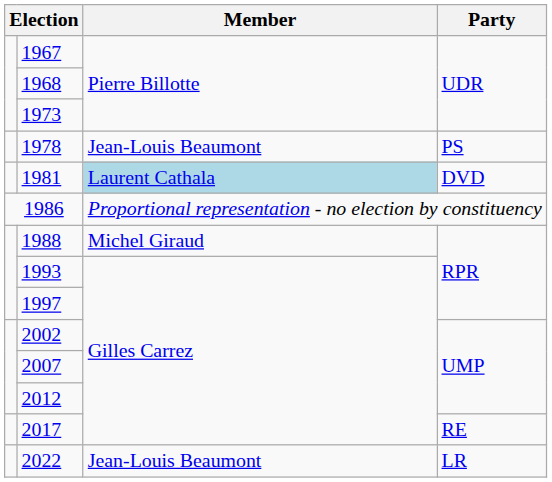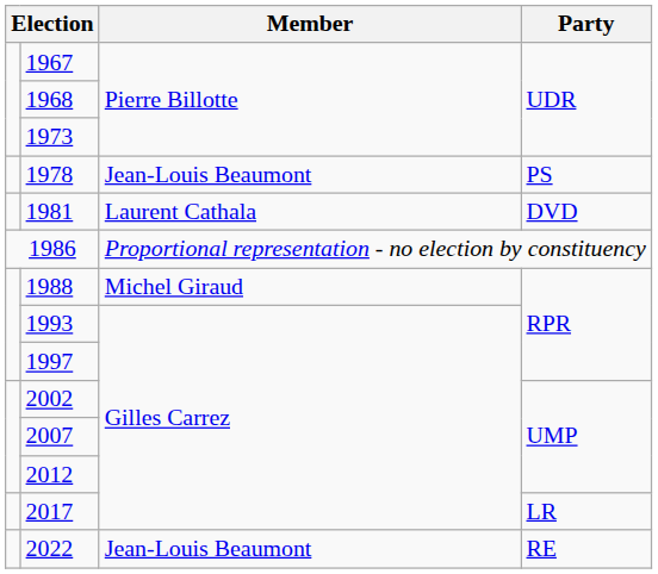 <table class="wikitable">
 <tr>
 <th colspan="2">Election</th>
 <th>Member</th>
 <th>Party</th>
 </tr>
 <tr>
 <td rowspan="3" style="background-color: "></td>
 <td><a href='#'>1967</a></td>
 <td rowspan="3"><a href='#'>Pierre Billotte</a></td>
 <td rowspan="3"><a href='#'>UDR</a></td>
 </tr>
 <tr>
 <td><a href='#'>1968</a></td>
 </tr>
 <tr>
 <td><a href='#'>1973</a></td>
 </tr>
 <tr>
 <td style="background-color: "></td>
 <td><a href='#'>1978</a></td>
 <td><a href='#'>Jean-Louis Beaumont</a></td>
 <td><a href='#'>PS</a></td>
 </tr>
 <tr>
 <td style="background-color: "></td>
 <td><a href='#'>1981</a></td>
-<td style="background: lightblue;"><a href='#'>Laurent Cathala</a></td>
+<td><a href='#'>Laurent Cathala</a></td>
 <td><a href='#'>DVD</a></td>
 </tr>
 <tr>
 <td colspan="2" align="center"><a href='#'>1986</a></td>
 <td colspan="2"><em><a href='#'>Proportional representation</a> - no election by constituency</em></td>
 </tr>
 <tr>
 <td rowspan="3" style="background-color: "></td>
 <td><a href='#'>1988</a></td>
 <td><a href='#'>Michel Giraud</a></td>
 <td rowspan="3"><a href='#'>RPR</a></td>
 </tr>
 <tr>
 <td><a href='#'>1993</a></td>
 <td rowspan="6"><a href='#'>Gilles Carrez</a></td>
 </tr>
 <tr>
 <td><a href='#'>1997</a></td>
 </tr>
 <tr>
 <td rowspan="3" style="background-color: "></td>
 <td><a href='#'>2002</a></td>
 <td rowspan="3"><a href='#'>UMP</a></td>
 </tr>
 <tr>
 <td><a href='#'>2007</a></td>
 </tr>
 <tr>
 <td><a href='#'>2012</a></td>
 </tr>
 <tr>
 <td style="background-color: "></td>
 <td><a href='#'>2017</a></td>
-<td><a href='#'>RE</a></td>
+<td><a href='#'>LR</a></td>
 </tr>
 <tr>
 <td style="background-color: "></td>
 <td><a href='#'>2022</a></td>
 <td><a href='#'>Jean-Louis Beaumont</a></td>
-<td><a href='#'>LR</a></td>
+<td><a href='#'>RE</a></td>
 </tr>
 </table>
